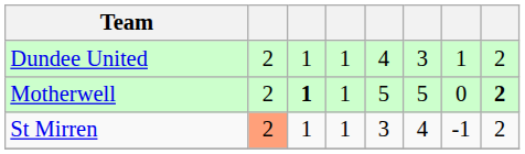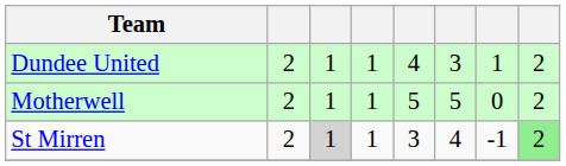 <table class="wikitable" style="text-align:center;">
 <tr>
 <th width=165>Team</th>
 <th width=20></th>
 <th width=20></th>
 <th width=20></th>
 <th width=20></th>
 <th width=20></th>
 <th width=20></th>
 <th width=20></th>
 </tr>
 <tr style="background:#cfc;">
 <td align="left"><a href='#'>Dundee United</a></td>
 <td>2</td>
 <td>1</td>
 <td>1</td>
 <td>4</td>
 <td>3</td>
 <td>1</td>
 <td>2</td>
 </tr>
 <tr style="background:#cfc;">
 <td align="left"><a href='#'>Motherwell</a></td>
 <td>2</td>
-<td><strong>1</strong></td>
+<td>1</td>
 <td>1</td>
 <td>5</td>
 <td>5</td>
 <td>0</td>
-<td><strong>2</strong></td>
+<td>2</td>
 </tr>
 <tr>
 <td align="left"><a href='#'>St Mirren</a></td>
-<td style="background: lightsalmon;">2</td>
-<td>1</td>
+<td>2</td>
+<td style="background: lightgrey;">1</td>
 <td>1</td>
 <td>3</td>
 <td>4</td>
 <td>-1</td>
-<td>2</td>
+<td style="background: lightgreen;">2</td>
 </tr>
 <tr>
 </tr>
 </table>
